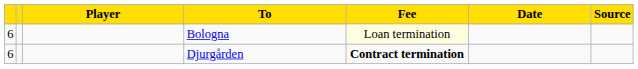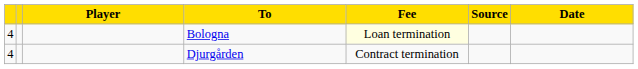 <table class="wikitable sortable">
 <tr>
 <th style="background:#FFDE00"></th>
 <th style="background:#FFDE00"></th>
 <th width=200 style="background:#FFDE00">Player</th>
 <th width=200 style="background:#FFDE00">To</th>
 <th width=150 style="background:#FFDE00">Fee</th>
+<th style="background:#FFDE00">Source</th>
 <th width=150 style="background:#FFDE00">Date</th>
-<th style="background:#FFDE00">Source</th>
 </tr>
 <tr>
-<td align=center>6</td>
+<td align=center>4</td>
 <td align=center></td>
 <td></td>
 <td> <a href='#'>Bologna</a></td>
 <td align=center style="background: lightyellow;">Loan termination</td>
 <td align=center></td>
 <td align=center></td>
 </tr>
 <tr>
-<td align=center>6</td>
+<td align=center>4</td>
 <td align=center></td>
 <td></td>
 <td> <a href='#'>Djurgården</a></td>
-<td align=center><strong>Contract termination</strong></td>
+<td align=center>Contract termination</td>
 <td align=center></td>
 <td align=center></td>
 </tr>
 </table>
